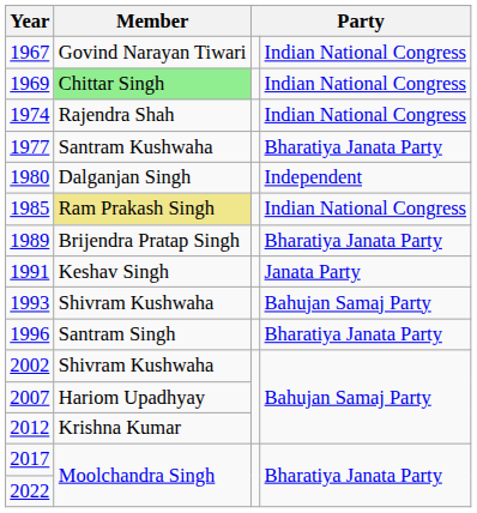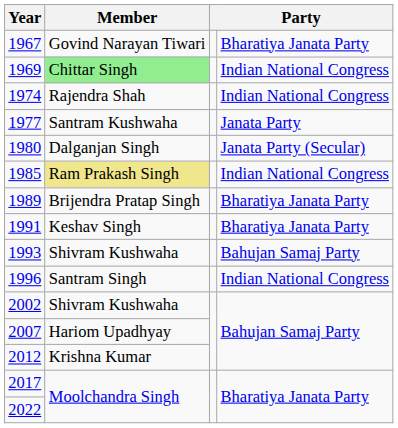 <table class="wikitable">
 <tr>
 <th>Year</th>
 <th>Member</th>
 <th colspan="2">Party</th>
 </tr>
 <tr>
 <td><a href='#'>1967</a></td>
 <td>Govind Narayan Tiwari</td>
 <td style="background-color: "></td>
-<td><a href='#'>Indian National Congress</a></td>
+<td><a href='#'>Bharatiya Janata Party</a></td>
 </tr>
 <tr>
 <td><a href='#'>1969</a></td>
 <td style="background: lightgreen;">Chittar Singh</td>
 <td style="background-color: "></td>
 <td><a href='#'>Indian National Congress</a></td>
 </tr>
 <tr>
 <td><a href='#'>1974</a></td>
 <td>Rajendra Shah</td>
 <td style="background-color: "></td>
 <td><a href='#'>Indian National Congress</a></td>
 </tr>
 <tr>
 <td><a href='#'>1977</a></td>
 <td>Santram Kushwaha</td>
 <td style="background-color: "></td>
-<td><a href='#'>Bharatiya Janata Party</a></td>
+<td><a href='#'>Janata Party</a></td>
 </tr>
 <tr>
 <td><a href='#'>1980</a></td>
 <td>Dalganjan Singh</td>
 <td style="background-color: "></td>
-<td><a href='#'>Independent</a></td>
+<td><a href='#'>Janata Party (Secular)</a></td>
 </tr>
 <tr>
 <td><a href='#'>1985</a></td>
 <td style="background: khaki;">Ram Prakash Singh</td>
 <td style="background-color: "></td>
 <td><a href='#'>Indian National Congress</a></td>
 </tr>
 <tr>
 <td><a href='#'>1989</a></td>
 <td>Brijendra Pratap Singh</td>
 <td style="background-color: "></td>
 <td><a href='#'>Bharatiya Janata Party</a></td>
 </tr>
 <tr>
 <td><a href='#'>1991</a></td>
 <td>Keshav Singh</td>
 <td style="background-color: "></td>
-<td><a href='#'>Janata Party</a></td>
+<td><a href='#'>Bharatiya Janata Party</a></td>
 </tr>
 <tr>
 <td><a href='#'>1993</a></td>
 <td>Shivram Kushwaha</td>
 <td style="background-color: "></td>
 <td><a href='#'>Bahujan Samaj Party</a></td>
 </tr>
 <tr>
 <td><a href='#'>1996</a></td>
 <td>Santram Singh</td>
 <td style="background-color: "></td>
-<td><a href='#'>Bharatiya Janata Party</a></td>
+<td><a href='#'>Indian National Congress</a></td>
 </tr>
 <tr>
 <td><a href='#'>2002</a></td>
 <td>Shivram Kushwaha</td>
 <td rowspan="3" style="background-color: "></td>
 <td rowspan="3"><a href='#'>Bahujan Samaj Party</a></td>
 </tr>
 <tr>
 <td><a href='#'>2007</a></td>
 <td>Hariom Upadhyay</td>
 </tr>
 <tr>
 <td><a href='#'>2012</a></td>
 <td>Krishna Kumar</td>
 </tr>
 <tr>
 <td><a href='#'>2017</a></td>
 <td rowspan="2"><a href='#'>Moolchandra Singh</a></td>
 <td rowspan="2" style="background-color: "></td>
 <td rowspan="2"><a href='#'>Bharatiya Janata Party</a></td>
 </tr>
 <tr>
 <td><a href='#'>2022</a></td>
 </tr>
 </table>
